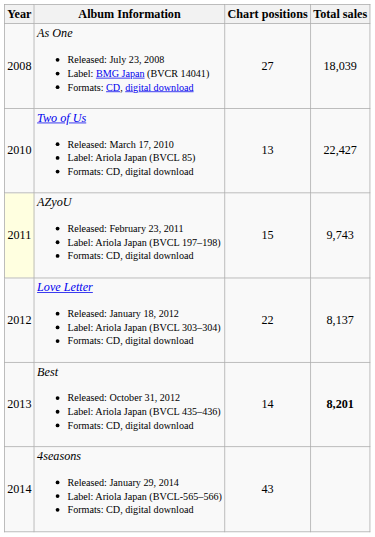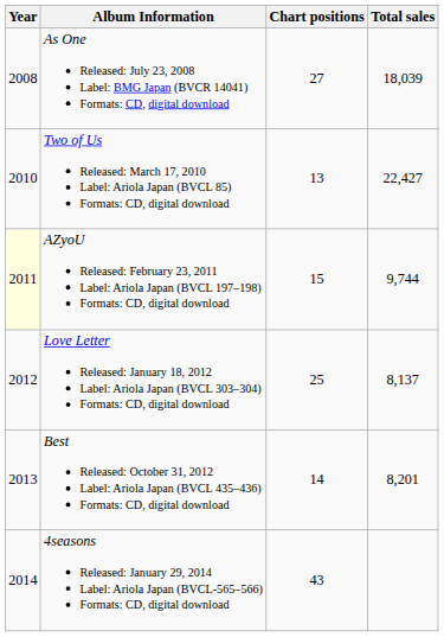 <table class="wikitable">
 <tr>
 <th rowspan="1">Year</th>
 <th rowspan="1">Album Information</th>
 <th colspan="1">Chart positions</th>
 <th colspan="1">Total sales</th>
 </tr>
 <tr>
 <td align="center">2008</td>
 <td><em>As One</em><br><ul><li><small>Released: July 23, 2008</small></li><li><small>Label: <a href='#'>BMG Japan</a> (BVCR 14041)</small></li><li><small>Formats: <a href='#'>CD</a>, <a href='#'>digital download</a></small></li></ul></td>
 <td align="center">27</td>
 <td align="center">18,039</td>
 </tr>
 <tr>
 <td align="center">2010</td>
 <td><em><a href='#'>Two of Us</a></em><br><ul><li><small>Released: March 17, 2010</small></li><li><small>Label: Ariola Japan (BVCL 85)</small></li><li><small>Formats: CD, digital download</small></li></ul></td>
 <td align="center">13</td>
 <td align="center">22,427</td>
 </tr>
 <tr>
 <td align="center" style="background: lightyellow;">2011</td>
 <td><em>AZyoU</em><br><ul><li><small>Released: February 23, 2011</small></li><li><small>Label: Ariola Japan (BVCL 197–198)</small></li><li><small>Formats: CD, digital download</small></li></ul></td>
 <td align="center">15</td>
-<td align="center">9,743</td>
+<td align="center">9,744</td>
 </tr>
 <tr>
 <td align="center">2012</td>
 <td><em><a href='#'>Love Letter</a></em><br><ul><li><small>Released: January 18, 2012</small></li><li><small>Label: Ariola Japan (BVCL 303–304)</small></li><li><small>Formats: CD, digital download</small></li></ul></td>
-<td align="center">22</td>
+<td align="center">25</td>
 <td align="center">8,137</td>
 </tr>
 <tr>
 <td align="center">2013</td>
 <td><em>Best</em><br><ul><li><small>Released: October 31, 2012</small></li><li><small>Label: Ariola Japan (BVCL 435–436)</small></li><li><small>Formats: CD, digital download</small></li></ul></td>
 <td align="center">14</td>
-<td align="center"><strong>8,201</strong></td>
+<td align="center">8,201</td>
 </tr>
 <tr>
 <td align="center">2014</td>
 <td><em>4seasons</em><br><ul><li><small>Released: January 29, 2014</small></li><li><small>Label: Ariola Japan (BVCL-565–566)</small></li><li><small>Formats: CD, digital download</small></li></ul></td>
 <td align="center">43</td>
 <td align="center"></td>
 </tr>
 </table>
